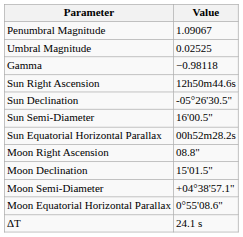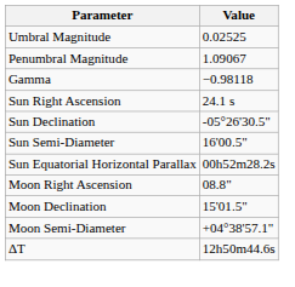 <table class="wikitable">
 <tr>
 <th>Parameter</th>
 <th>Value</th>
 </tr>
 <tr>
+<td>Umbral Magnitude</td>
+<td>0.02525</td>
+</tr>
+<tr>
 <td>Penumbral Magnitude</td>
 <td>1.09067</td>
-</tr>
-<tr>
-<td>Umbral Magnitude</td>
-<td>0.02525</td>
 </tr>
 <tr>
 <td>Gamma</td>
 <td>−0.98118</td>
 </tr>
 <tr>
 <td>Sun Right Ascension</td>
-<td>12h50m44.6s</td>
+<td>24.1 s</td>
 </tr>
 <tr>
 <td>Sun Declination</td>
 <td>-05°26'30.5"</td>
 </tr>
 <tr>
 <td>Sun Semi-Diameter</td>
 <td>16'00.5"</td>
 </tr>
 <tr>
 <td>Sun Equatorial Horizontal Parallax</td>
 <td>00h52m28.2s</td>
 </tr>
 <tr>
 <td>Moon Right Ascension</td>
 <td>08.8"</td>
 </tr>
 <tr>
 <td>Moon Declination</td>
 <td>15'01.5"</td>
 </tr>
 <tr>
 <td>Moon Semi-Diameter</td>
 <td>+04°38'57.1"</td>
 </tr>
 <tr>
-<td>Moon Equatorial Horizontal Parallax</td>
-<td>0°55'08.6"</td>
-</tr>
-<tr>
 <td>ΔT</td>
-<td>24.1 s</td>
+<td>12h50m44.6s</td>
 </tr>
 </table>
